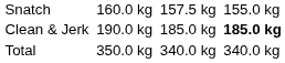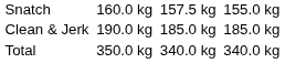 <table>
 <tr>
 <td>Snatch</td>
 <td></td>
 <td>160.0 kg</td>
 <td></td>
 <td>157.5 kg</td>
 <td></td>
 <td>155.0 kg</td>
 </tr>
 <tr>
 <td>Clean & Jerk</td>
 <td></td>
 <td>190.0 kg</td>
 <td></td>
 <td>185.0 kg</td>
 <td></td>
-<td><strong>185.0 kg</strong></td>
+<td>185.0 kg</td>
 </tr>
 <tr>
 <td>Total</td>
 <td></td>
 <td>350.0 kg</td>
 <td></td>
 <td>340.0 kg</td>
 <td></td>
 <td>340.0 kg</td>
 </tr>
 </table>
